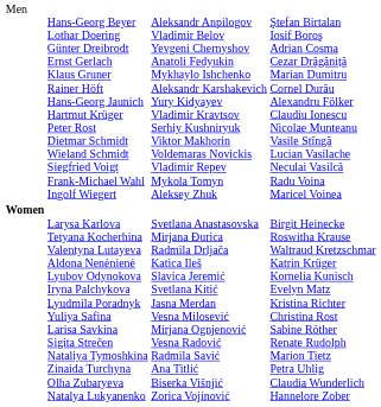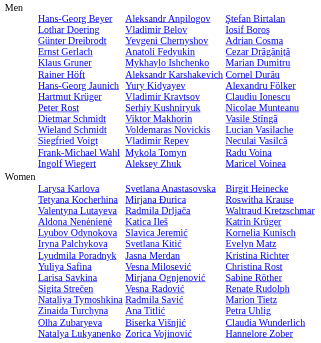 <table>
 <tr valign="top">
 <td>Men<br></td>
 <td><br><a href='#'>Hans-Georg Beyer</a><br><a href='#'>Lothar Doering</a><br><a href='#'>Günter Dreibrodt</a><br><a href='#'>Ernst Gerlach</a><br><a href='#'>Klaus Gruner</a><br><a href='#'>Rainer Höft</a><br><a href='#'>Hans-Georg Jaunich</a><br><a href='#'>Hartmut Krüger</a><br><a href='#'>Peter Rost</a><br><a href='#'>Dietmar Schmidt</a><br><a href='#'>Wieland Schmidt</a><br><a href='#'>Siegfried Voigt</a><br><a href='#'>Frank-Michael Wahl</a><br><a href='#'>Ingolf Wiegert</a></td>
 <td><br><a href='#'>Aleksandr Anpilogov</a><br><a href='#'>Vladimir Belov</a><br><a href='#'>Yevgeni Chernyshov</a><br><a href='#'>Anatoli Fedyukin</a><br><a href='#'>Mykhaylo Ishchenko</a><br><a href='#'>Aleksandr Karshakevich</a><br><a href='#'>Yury Kidyayev</a><br><a href='#'>Vladimir Kravtsov</a><br><a href='#'>Serhiy Kushniryuk</a><br><a href='#'>Viktor Makhorin</a><br><a href='#'>Voldemaras Novickis</a><br><a href='#'>Vladimir Repev</a><br><a href='#'>Mykola Tomyn</a><br><a href='#'>Aleksey Zhuk</a></td>
 <td><br><a href='#'>Ştefan Birtalan</a><br><a href='#'>Iosif Boroş</a><br><a href='#'>Adrian Cosma</a><br><a href='#'>Cezar Drăgăniṭă</a><br><a href='#'>Marian Dumitru</a><br><a href='#'>Cornel Durău</a><br><a href='#'>Alexandru Fölker</a><br><a href='#'>Claudiu Ionescu</a><br><a href='#'>Nicolae Munteanu</a><br><a href='#'>Vasile Stîngă</a><br><a href='#'>Lucian Vasilache</a><br><a href='#'>Neculai Vasilcă</a><br><a href='#'>Radu Voina</a><br><a href='#'>Maricel Voinea</a></td>
 </tr>
 <tr valign="top">
-<td><strong>Women<br></strong></td>
+<td>Women<br></td>
 <td><br><a href='#'>Larysa Karlova</a><br><a href='#'>Tetyana Kocherhina</a><br><a href='#'>Valentyna Lutayeva</a><br><a href='#'>Aldona Nenėnienė</a><br><a href='#'>Lyubov Odynokova</a><br><a href='#'>Iryna Palchykova</a><br><a href='#'>Lyudmila Poradnyk</a><br><a href='#'>Yuliya Safina</a><br><a href='#'>Larisa Savkina</a><br><a href='#'>Sigita Strečen</a><br><a href='#'>Nataliya Tymoshkina</a><br><a href='#'>Zinaida Turchyna</a><br><a href='#'>Olha Zubaryeva</a><br><a href='#'>Natalya Lukyanenko</a></td>
 <td><br><a href='#'>Svetlana Anastasovska</a><br><a href='#'>Mirjana Đurica</a><br><a href='#'>Radmila Drljača</a><br><a href='#'>Katica Ileš</a><br><a href='#'>Slavica Jeremić</a><br><a href='#'>Svetlana Kitić</a><br><a href='#'>Jasna Merdan</a><br><a href='#'>Vesna Milosević</a><br><a href='#'>Mirjana Ognjenović</a><br><a href='#'>Vesna Radović</a><br><a href='#'>Radmila Savić</a><br><a href='#'>Ana Titlić</a><br><a href='#'>Biserka Višnjić</a><br><a href='#'>Zorica Vojinović</a></td>
 <td><br><a href='#'>Birgit Heinecke</a><br><a href='#'>Roswitha Krause</a><br><a href='#'>Waltraud Kretzschmar</a><br><a href='#'>Katrin Krüger</a><br><a href='#'>Kornelia Kunisch</a><br><a href='#'>Evelyn Matz</a><br><a href='#'>Kristina Richter</a><br><a href='#'>Christina Rost</a><br><a href='#'>Sabine Röther</a><br><a href='#'>Renate Rudolph</a><br><a href='#'>Marion Tietz</a><br><a href='#'>Petra Uhlig</a><br><a href='#'>Claudia Wunderlich</a><br><a href='#'>Hannelore Zober</a></td>
 </tr>
 </table>
